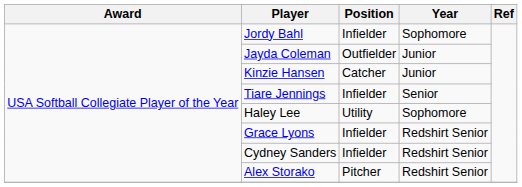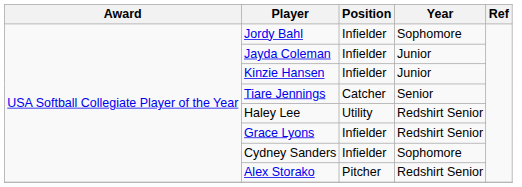 <table class="wikitable sortable">
 <tr>
 <th style="text-align:center; ">Award</th>
 <th style="text-align:center; ">Player</th>
 <th style="text-align:center; ">Position</th>
 <th style="text-align:center; ">Year</th>
 <th style="text-align:center; ">Ref</th>
 </tr>
 <tr>
 <td rowspan="8"><a href='#'>USA Softball Collegiate Player of the Year</a></td>
 <td><a href='#'>Jordy Bahl</a></td>
 <td>Infielder</td>
 <td>Sophomore</td>
 <td rowspan="8"></td>
 </tr>
 <tr>
 <td><a href='#'>Jayda Coleman</a></td>
-<td>Outfielder</td>
+<td>Infielder</td>
 <td>Junior</td>
 </tr>
 <tr>
 <td><a href='#'>Kinzie Hansen</a></td>
-<td>Catcher</td>
+<td>Infielder</td>
 <td>Junior</td>
 </tr>
 <tr>
 <td><a href='#'>Tiare Jennings</a></td>
-<td>Infielder</td>
+<td>Catcher</td>
 <td>Senior</td>
 </tr>
 <tr>
 <td>Haley Lee</td>
 <td>Utility</td>
-<td>Sophomore</td>
+<td> Redshirt Senior</td>
 </tr>
 <tr>
 <td><a href='#'>Grace Lyons</a></td>
 <td>Infielder</td>
 <td> Redshirt Senior</td>
 </tr>
 <tr>
 <td>Cydney Sanders</td>
 <td>Infielder</td>
-<td> Redshirt Senior</td>
+<td>Sophomore</td>
 </tr>
 <tr>
 <td><a href='#'>Alex Storako</a></td>
 <td>Pitcher</td>
 <td> Redshirt Senior</td>
 </tr>
 <tr>
 </tr>
 </table>
